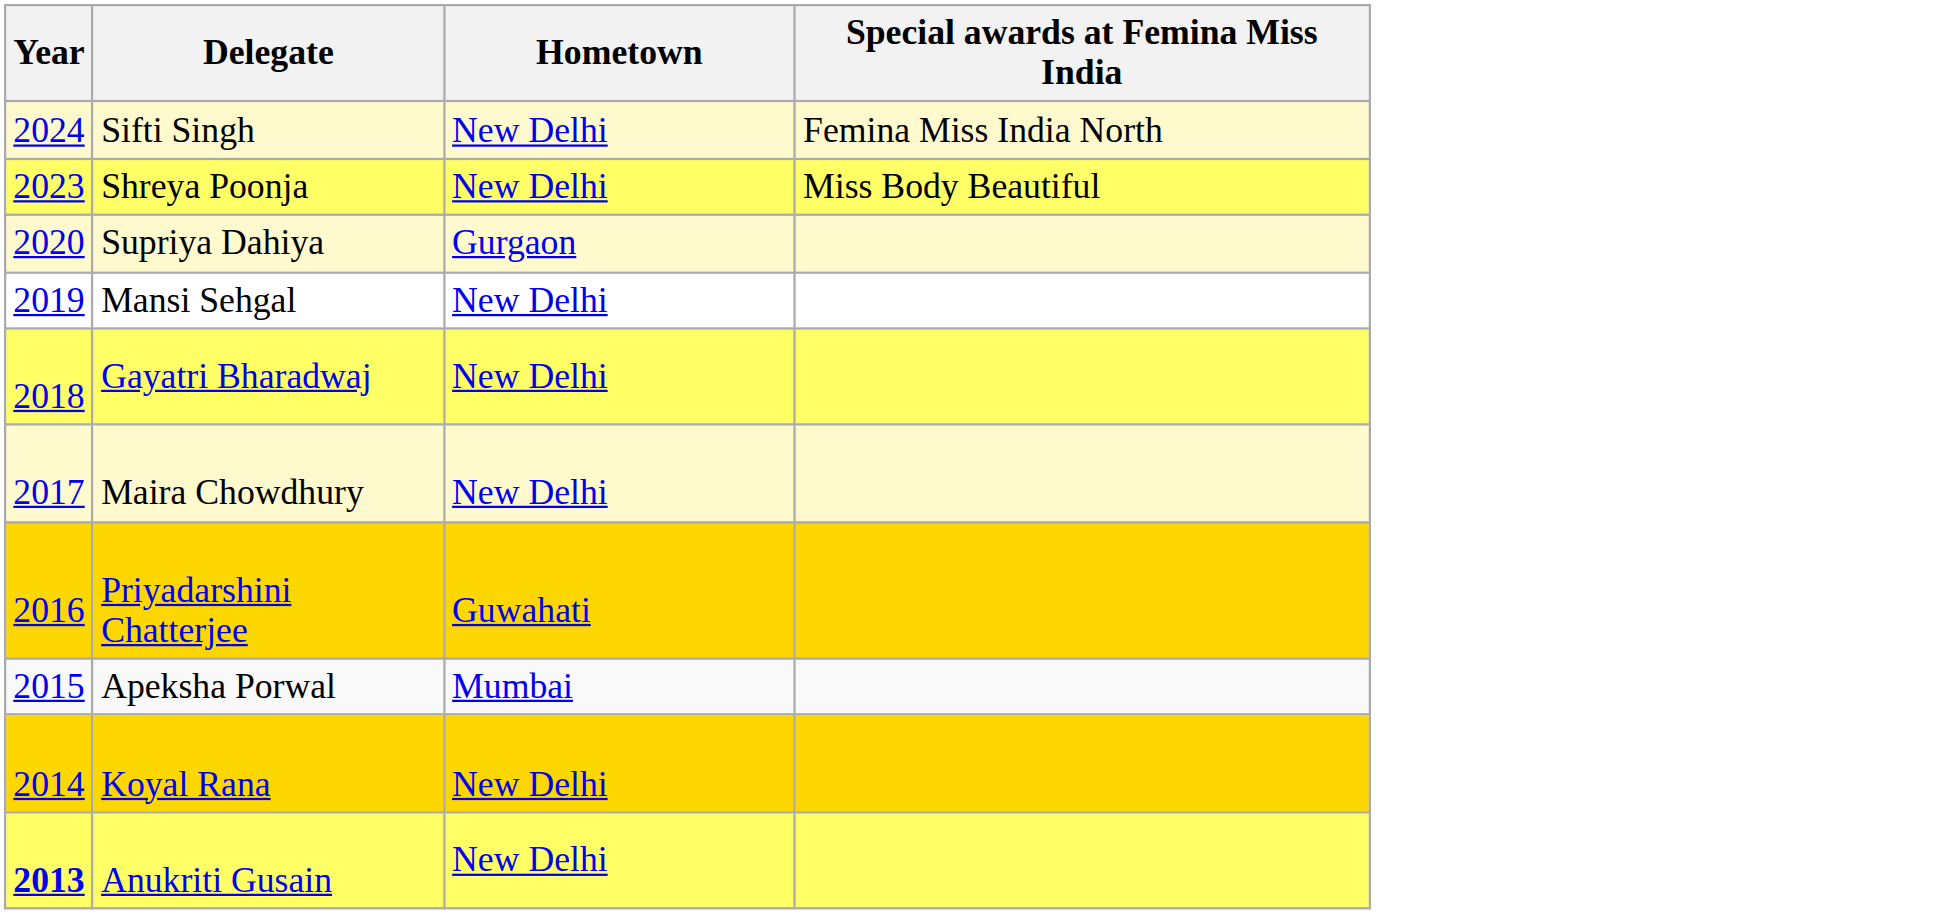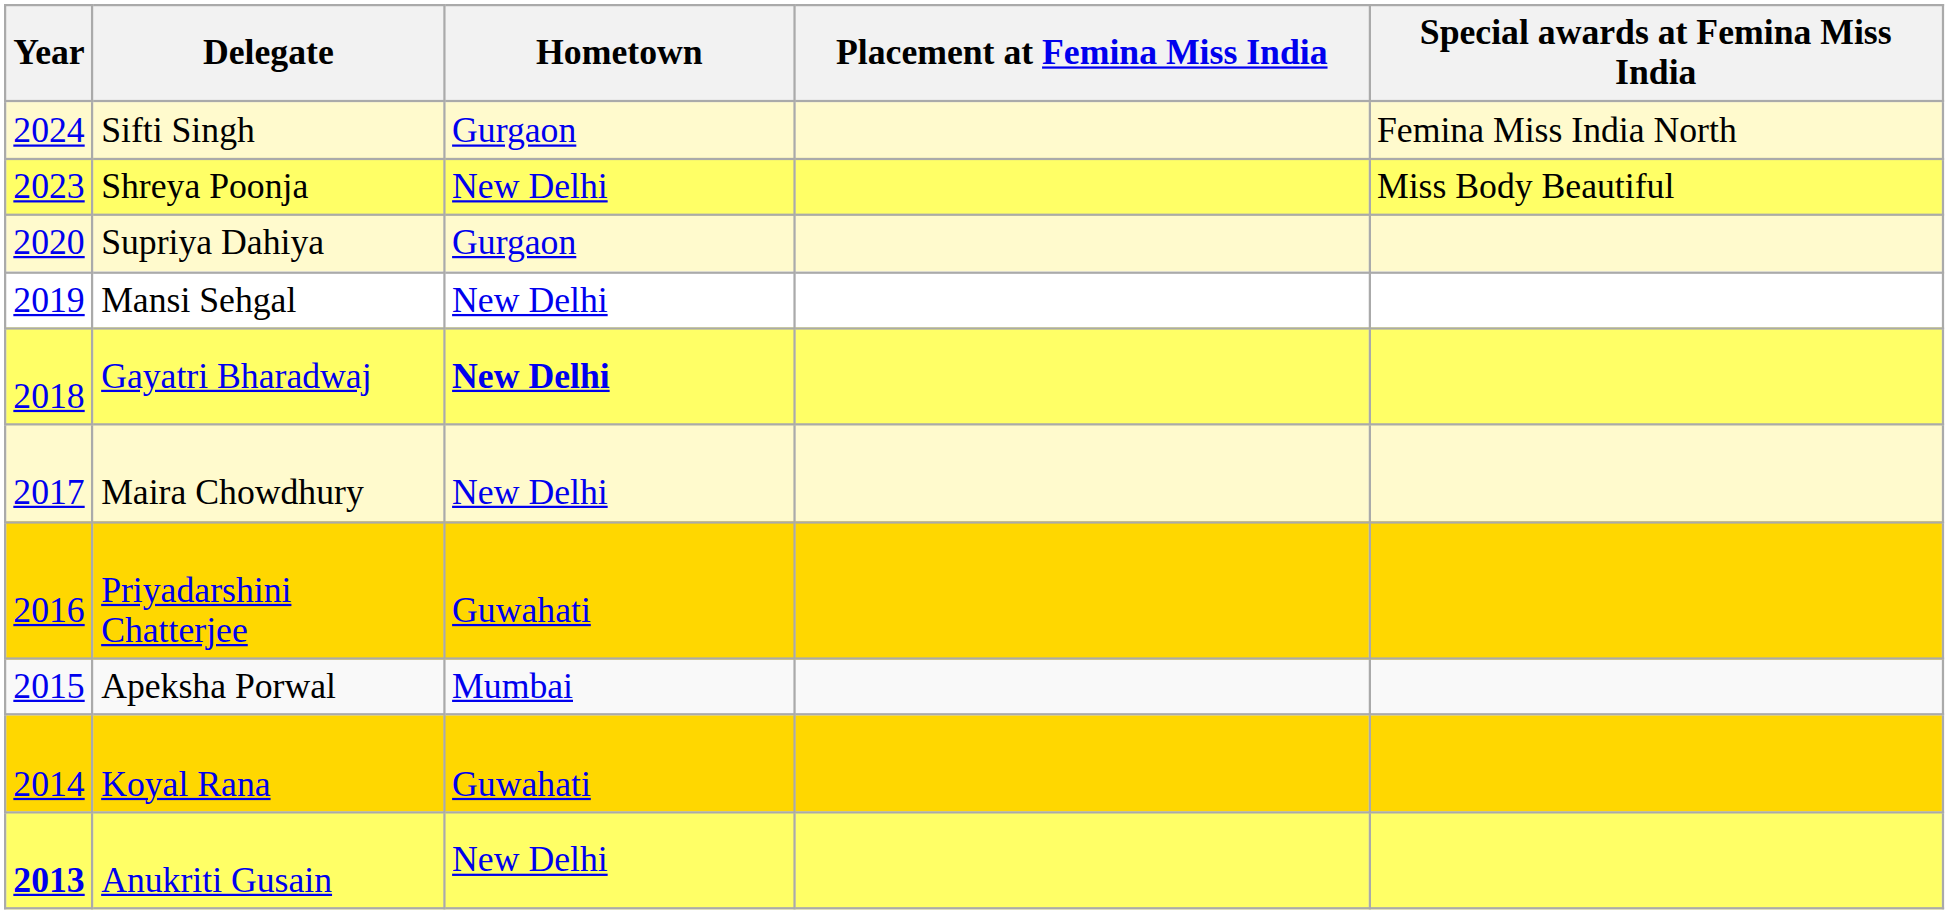 <table class="wikitable">
 <tr>
 <th>Year</th>
 <th width=150>Delegate</th>
 <th width=150>Hometown</th>
+<th width=250>Placement at <a href='#'>Femina Miss India</a></th>
 <th width=250>Special awards at Femina Miss India</th>
 </tr>
 <tr>
 <td style="background:#FFFACD"><a href='#'>2024</a></td>
 <td style="background:#FFFACD">Sifti Singh</td>
-<td style="background:#FFFACD"><a href='#'>New Delhi</a></td>
+<td style="background:#FFFACD"><a href='#'>Gurgaon</a></td>
+<td style="background:#FFFACD"></td>
 <td style="background:#FFFACD">Femina Miss India North</td>
 </tr>
 <tr>
 <td style="background: #FFFF66"><a href='#'>2023</a></td>
 <td style="background: #FFFF66">Shreya Poonja</td>
 <td style='background: #FFFF66'><a href='#'>New Delhi</a></td>
+<td style="background: #FFFF66"></td>
 <td style='background: #FFFF66'>Miss Body Beautiful</td>
 </tr>
 <tr>
 <td style="background:#FFFACD"><a href='#'>2020</a></td>
 <td style="background:#FFFACD">Supriya Dahiya</td>
 <td style="background:#FFFACD"><a href='#'>Gurgaon</a></td>
 <td style="background:#FFFACD"></td>
+<td style="background:#FFFACD"></td>
 </tr>
 <tr>
 <td style="background:white;"><a href='#'>2019</a></td>
 <td style="background:white;">Mansi Sehgal</td>
 <td style="background:white;"><a href='#'>New Delhi</a></td>
 <td style="background:white;"></td>
+<td style="background:white;"></td>
 </tr>
 <tr>
 <td style="background:#FFFF66;"><br><a href='#'>2018</a></td>
 <td style="background:#FFFF66;"><a href='#'>Gayatri Bharadwaj</a></td>
-<td style="background:#FFFF66;"><a href='#'>New Delhi</a></td>
+<td style="background:#FFFF66;"><strong><a href='#'>New Delhi</a></strong></td>
+<td style="background:#FFFF66;"></td>
 <td style="background:#FFFF66;"><br>  </td>
 </tr>
 <tr>
 <td style="background:#FFFACD;"><br><a href='#'>2017</a></td>
 <td style="background:#FFFACD;"><br>Maira Chowdhury</td>
 <td style="background:#FFFACD;"><br><a href='#'>New Delhi</a></td>
 <td style="background:#FFFACD;"></td>
+<td style="background:#FFFACD;"></td>
 </tr>
 <tr>
 <td style="background:gold;"><br><a href='#'>2016</a></td>
 <td style="background:gold;"><br><a href='#'>Priyadarshini Chatterjee</a></td>
 <td style="background:gold;"><br><a href='#'>Guwahati</a></td>
+<td style="background:gold;"><br></td>
 <td style="background:gold;"><br></td>
 </tr>
 <tr>
 <td><a href='#'>2015</a></td>
 <td>Apeksha Porwal</td>
 <td><a href='#'>Mumbai</a></td>
 <td></td>
+<td></td>
 </tr>
 <tr>
 <td style="background:gold;"><br><a href='#'>2014</a></td>
 <td style="background:gold;"><br><a href='#'>Koyal Rana</a></td>
-<td style="background:gold;"><br><a href='#'>New Delhi</a></td>
+<td style="background:gold;"><br><a href='#'>Guwahati</a></td>
+<td style="background:gold;"><br></td>
 <td style="background:gold;"><br></td>
 </tr>
 <tr>
 <td style="background:#FFFF66;"><strong><br><a href='#'>2013</a></strong></td>
 <td style="background:#FFFF66;"><br><a href='#'>Anukriti Gusain</a></td>
 <td style="background:#FFFF66;"><a href='#'>New Delhi</a></td>
 <td style="background:#FFFF66;"><br></td>
+<td style="background:#FFFF66;"><br></td>
 </tr>
 </table>
